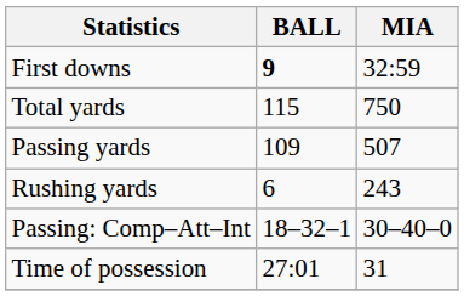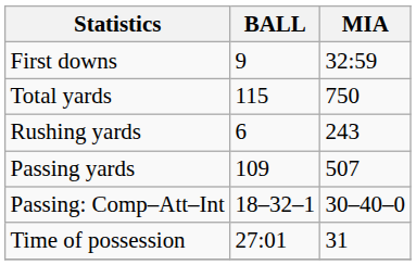 <table class="wikitable" style="float: left;">
 <tr>
 <th>Statistics</th>
 <th>BALL</th>
 <th>MIA</th>
 </tr>
 <tr>
 <td>First downs</td>
-<td><strong>9</strong></td>
+<td>9</td>
 <td>32:59</td>
 </tr>
 <tr>
 <td>Total yards</td>
 <td>115</td>
 <td>750</td>
 </tr>
 <tr>
+<td>Rushing yards</td>
+<td>6</td>
+<td>243</td>
+</tr>
+<tr>
 <td>Passing yards</td>
 <td>109</td>
 <td>507</td>
-</tr>
-<tr>
-<td>Rushing yards</td>
-<td>6</td>
-<td>243</td>
 </tr>
 <tr>
 <td>Passing: Comp–Att–Int</td>
 <td>18–32–1</td>
 <td>30–40–0</td>
 </tr>
 <tr>
 <td>Time of possession</td>
 <td>27:01</td>
 <td>31</td>
 </tr>
 <tr>
 </tr>
 </table>
